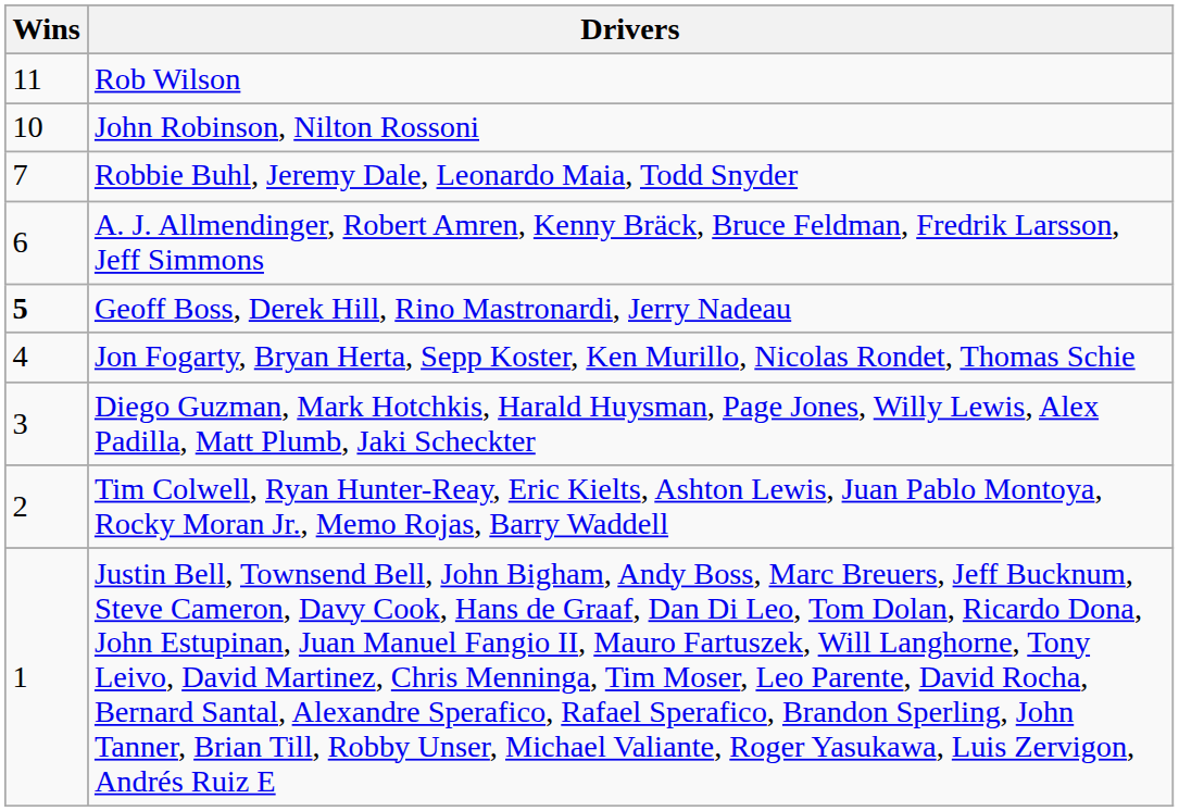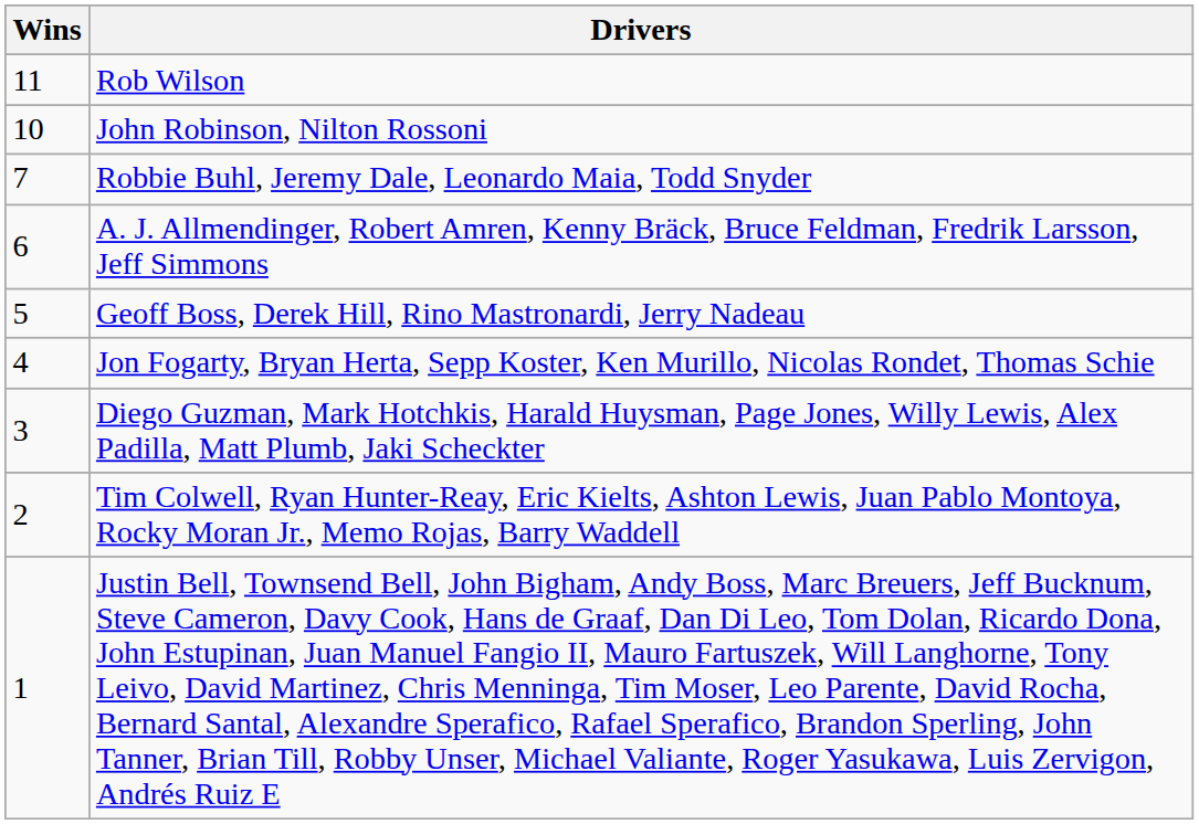 <table class="wikitable">
 <tr>
 <th>Wins</th>
 <th>Drivers</th>
 </tr>
 <tr>
 <td>11</td>
 <td><a href='#'>Rob Wilson</a></td>
 </tr>
 <tr>
 <td>10</td>
 <td><a href='#'>John Robinson</a>, <a href='#'>Nilton Rossoni</a></td>
 </tr>
 <tr>
 <td>7</td>
 <td><a href='#'>Robbie Buhl</a>, <a href='#'>Jeremy Dale</a>, <a href='#'>Leonardo Maia</a>, <a href='#'>Todd Snyder</a></td>
 </tr>
 <tr>
 <td>6</td>
 <td><a href='#'>A. J. Allmendinger</a>, <a href='#'>Robert Amren</a>, <a href='#'>Kenny Bräck</a>, <a href='#'>Bruce Feldman</a>, <a href='#'>Fredrik Larsson</a>, <a href='#'>Jeff Simmons</a></td>
 </tr>
 <tr>
-<td><strong>5</strong></td>
+<td>5</td>
 <td><a href='#'>Geoff Boss</a>, <a href='#'>Derek Hill</a>, <a href='#'>Rino Mastronardi</a>, <a href='#'>Jerry Nadeau</a></td>
 </tr>
 <tr>
 <td>4</td>
 <td><a href='#'>Jon Fogarty</a>, <a href='#'>Bryan Herta</a>, <a href='#'>Sepp Koster</a>, <a href='#'>Ken Murillo</a>, <a href='#'>Nicolas Rondet</a>, <a href='#'>Thomas Schie</a></td>
 </tr>
 <tr>
 <td>3</td>
 <td><a href='#'>Diego Guzman</a>, <a href='#'>Mark Hotchkis</a>, <a href='#'>Harald Huysman</a>, <a href='#'>Page Jones</a>, <a href='#'>Willy Lewis</a>, <a href='#'>Alex Padilla</a>, <a href='#'>Matt Plumb</a>, <a href='#'>Jaki Scheckter</a></td>
 </tr>
 <tr>
 <td>2</td>
 <td><a href='#'>Tim Colwell</a>, <a href='#'>Ryan Hunter-Reay</a>, <a href='#'>Eric Kielts</a>, <a href='#'>Ashton Lewis</a>, <a href='#'>Juan Pablo Montoya</a>, <a href='#'>Rocky Moran Jr.</a>, <a href='#'>Memo Rojas</a>, <a href='#'>Barry Waddell</a></td>
 </tr>
 <tr>
 <td>1</td>
 <td><a href='#'>Justin Bell</a>, <a href='#'>Townsend Bell</a>, <a href='#'>John Bigham</a>, <a href='#'>Andy Boss</a>, <a href='#'>Marc Breuers</a>, <a href='#'>Jeff Bucknum</a>, <a href='#'>Steve Cameron</a>, <a href='#'>Davy Cook</a>, <a href='#'>Hans de Graaf</a>, <a href='#'>Dan Di Leo</a>, <a href='#'>Tom Dolan</a>, <a href='#'>Ricardo Dona</a>, <a href='#'>John Estupinan</a>, <a href='#'>Juan Manuel Fangio II</a>, <a href='#'>Mauro Fartuszek</a>, <a href='#'>Will Langhorne</a>, <a href='#'>Tony Leivo</a>, <a href='#'>David Martinez</a>, <a href='#'>Chris Menninga</a>, <a href='#'>Tim Moser</a>, <a href='#'>Leo Parente</a>, <a href='#'>David Rocha</a>, <a href='#'>Bernard Santal</a>, <a href='#'>Alexandre Sperafico</a>, <a href='#'>Rafael Sperafico</a>, <a href='#'>Brandon Sperling</a>, <a href='#'>John Tanner</a>, <a href='#'>Brian Till</a>, <a href='#'>Robby Unser</a>, <a href='#'>Michael Valiante</a>, <a href='#'>Roger Yasukawa</a>, <a href='#'>Luis Zervigon</a>, <a href='#'>Andrés Ruiz E</a></td>
 </tr>
 </table>
